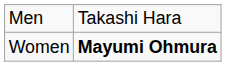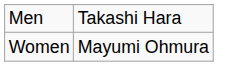 <table class="wikitable">
 <tr>
 <td>Men</td>
 <td> Takashi Hara</td>
 </tr>
 <tr>
 <td>Women</td>
-<td><strong> Mayumi Ohmura</strong></td>
+<td> Mayumi Ohmura</td>
 </tr>
 </table>
